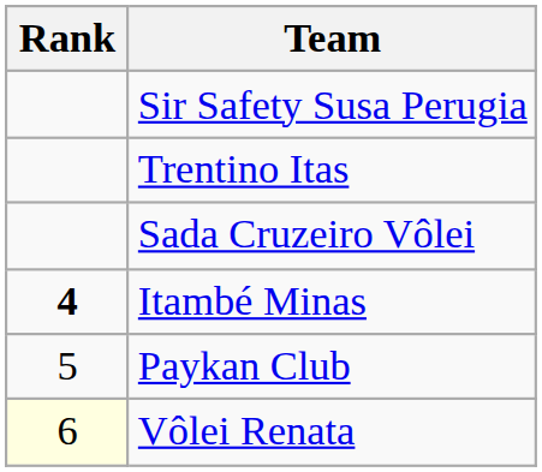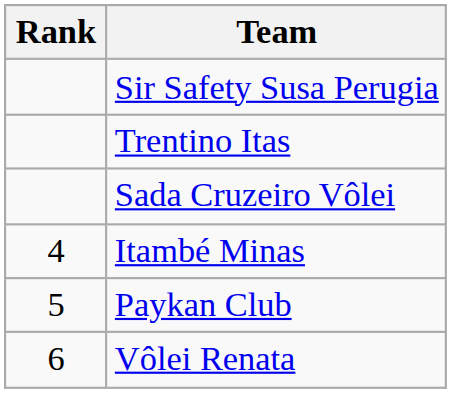 <table class="wikitable" style="text-align:center;">
 <tr>
 <th width=40>Rank</th>
 <th>Team</th>
 </tr>
 <tr>
 <td></td>
 <td style="text-align:left;"> <a href='#'>Sir Safety Susa Perugia</a></td>
 </tr>
 <tr>
 <td></td>
 <td style="text-align:left;"> <a href='#'>Trentino Itas</a></td>
 </tr>
 <tr>
 <td></td>
 <td style="text-align:left;"> <a href='#'>Sada Cruzeiro Vôlei</a></td>
 </tr>
 <tr>
-<td><strong>4</strong></td>
+<td>4</td>
 <td style="text-align:left;"> <a href='#'>Itambé Minas</a></td>
 </tr>
 <tr>
 <td>5</td>
 <td style="text-align:left;"> <a href='#'>Paykan Club</a></td>
 </tr>
 <tr>
-<td style="background: lightyellow;">6</td>
+<td>6</td>
 <td style="text-align:left;"> <a href='#'>Vôlei Renata</a></td>
 </tr>
 </table>
